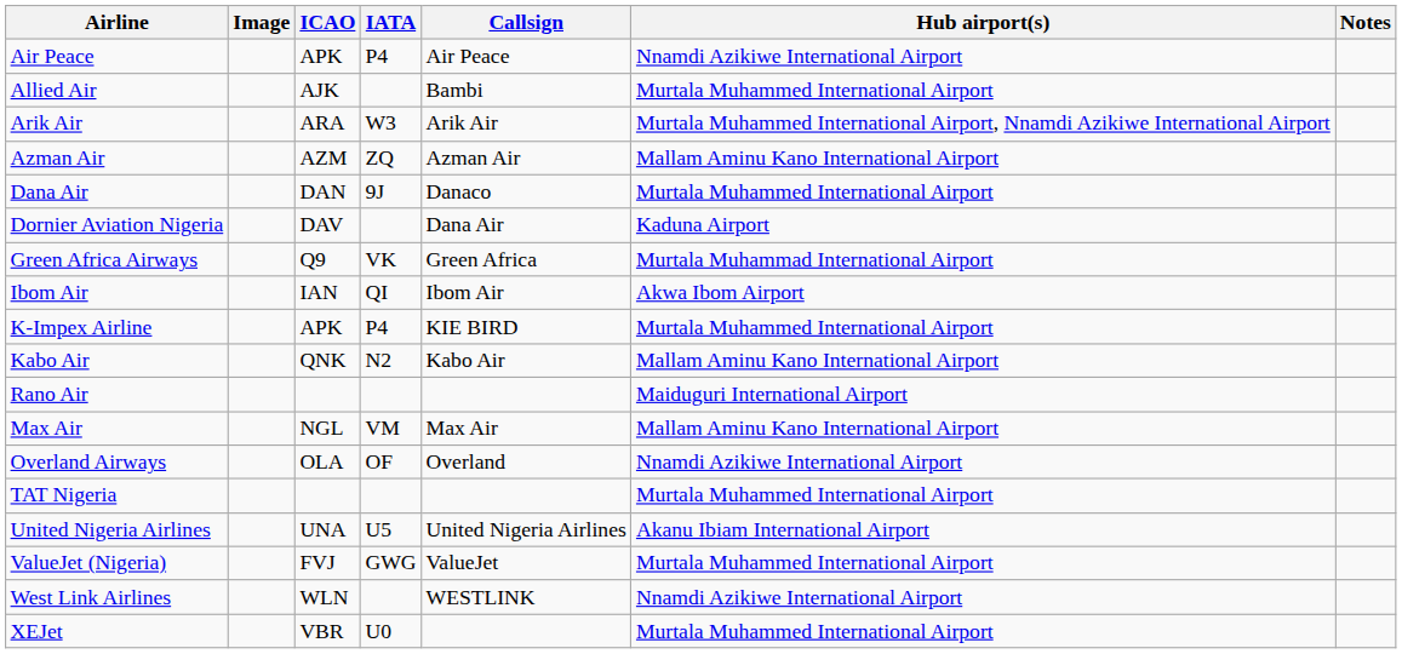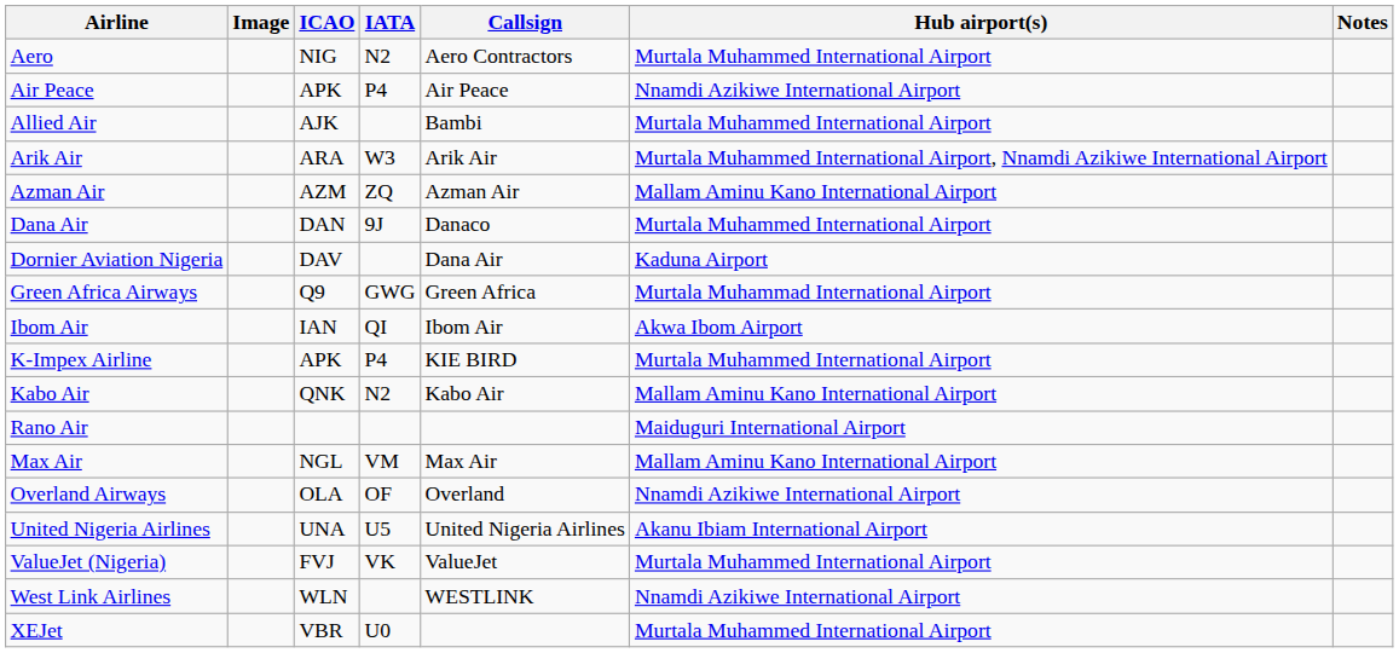 <table class="wikitable sortable" style="border: 0; cellpadding: 2; cellspacing: 3;">
 <tr valign="middle">
 <th>Airline</th>
 <th>Image</th>
 <th><a href='#'>ICAO</a></th>
 <th><a href='#'>IATA</a></th>
 <th><a href='#'>Callsign</a></th>
 <th>Hub airport(s)</th>
 <th class="unsortable">Notes</th>
+</tr>
+<tr>
+<td><a href='#'>Aero</a></td>
+<td></td>
+<td>NIG</td>
+<td>N2</td>
+<td>Aero Contractors</td>
+<td><a href='#'>Murtala Muhammed International Airport</a></td>
+<td></td>
 </tr>
 <tr>
 <td><a href='#'>Air Peace</a></td>
 <td></td>
 <td>APK</td>
 <td>P4</td>
 <td>Air Peace</td>
 <td><a href='#'>Nnamdi Azikiwe International Airport</a></td>
 <td></td>
 </tr>
 <tr>
 <td><a href='#'>Allied Air</a></td>
 <td></td>
 <td>AJK</td>
 <td></td>
 <td>Bambi</td>
 <td><a href='#'>Murtala Muhammed International Airport</a></td>
 <td></td>
 </tr>
 <tr>
 <td><a href='#'>Arik Air</a></td>
 <td></td>
 <td>ARA</td>
 <td>W3</td>
 <td>Arik Air</td>
 <td><a href='#'>Murtala Muhammed International Airport</a>, <a href='#'>Nnamdi Azikiwe International Airport</a></td>
 <td></td>
 </tr>
 <tr>
 <td><a href='#'>Azman Air</a></td>
 <td></td>
 <td>AZM</td>
 <td>ZQ</td>
 <td>Azman Air</td>
 <td><a href='#'>Mallam Aminu Kano International Airport</a></td>
 <td></td>
 </tr>
 <tr>
 <td><a href='#'>Dana Air</a></td>
 <td></td>
 <td>DAN</td>
 <td>9J</td>
 <td>Danaco</td>
 <td><a href='#'>Murtala Muhammed International Airport</a></td>
 <td></td>
 </tr>
 <tr>
 <td><a href='#'>Dornier Aviation Nigeria</a></td>
 <td></td>
 <td>DAV</td>
 <td></td>
 <td>Dana Air</td>
 <td><a href='#'>Kaduna Airport</a></td>
 <td></td>
 </tr>
 <tr>
 <td><a href='#'>Green Africa Airways</a></td>
 <td><br></td>
 <td>Q9</td>
-<td>VK</td>
+<td>GWG</td>
 <td>Green Africa</td>
 <td><a href='#'>Murtala Muhammad International Airport</a></td>
 <td></td>
 </tr>
 <tr>
 <td><a href='#'>Ibom Air</a></td>
 <td><br></td>
 <td>IAN</td>
 <td>QI</td>
 <td>Ibom Air</td>
 <td><a href='#'>Akwa Ibom Airport</a></td>
 <td></td>
 </tr>
 <tr>
 <td><a href='#'>K-Impex Airline</a></td>
 <td></td>
 <td>APK</td>
 <td>P4</td>
 <td>KIE BIRD</td>
 <td><a href='#'>Murtala Muhammed International Airport</a></td>
 <td></td>
 </tr>
 <tr>
 <td><a href='#'>Kabo Air</a></td>
 <td></td>
 <td>QNK</td>
 <td>N2</td>
 <td>Kabo Air</td>
 <td><a href='#'>Mallam Aminu Kano International Airport</a></td>
 <td></td>
 </tr>
 <tr>
 <td><a href='#'>Rano Air</a></td>
 <td></td>
 <td></td>
 <td></td>
 <td></td>
 <td><a href='#'>Maiduguri International Airport</a></td>
 <td></td>
 </tr>
 <tr>
 <td><a href='#'>Max Air</a></td>
 <td></td>
 <td>NGL</td>
 <td>VM</td>
 <td>Max Air</td>
 <td><a href='#'>Mallam Aminu Kano International Airport</a></td>
 <td></td>
 </tr>
 <tr>
 <td><a href='#'>Overland Airways</a></td>
 <td></td>
 <td>OLA</td>
 <td>OF</td>
 <td>Overland</td>
 <td><a href='#'>Nnamdi Azikiwe International Airport</a></td>
 <td></td>
 </tr>
 <tr>
-<td><a href='#'>TAT Nigeria</a></td>
-<td></td>
-<td></td>
-<td></td>
-<td></td>
-<td><a href='#'>Murtala Muhammed International Airport</a></td>
-<td></td>
-</tr>
-<tr>
 <td><a href='#'>United Nigeria Airlines</a></td>
 <td><br></td>
 <td>UNA</td>
 <td>U5</td>
 <td>United Nigeria Airlines</td>
 <td><a href='#'>Akanu Ibiam International Airport</a></td>
 <td></td>
 </tr>
 <tr>
 <td><a href='#'>ValueJet (Nigeria)</a></td>
 <td></td>
 <td>FVJ</td>
-<td>GWG</td>
+<td>VK</td>
 <td>ValueJet</td>
 <td><a href='#'>Murtala Muhammed International Airport</a></td>
 <td></td>
 </tr>
 <tr>
 <td><a href='#'>West Link Airlines</a></td>
 <td></td>
 <td>WLN</td>
 <td></td>
 <td>WESTLINK</td>
 <td><a href='#'>Nnamdi Azikiwe International Airport</a></td>
 <td></td>
 </tr>
 <tr>
 <td><a href='#'>XEJet</a></td>
 <td></td>
 <td>VBR</td>
 <td>U0</td>
 <td></td>
 <td><a href='#'>Murtala Muhammed International Airport</a></td>
 <td></td>
 </tr>
 </table>
